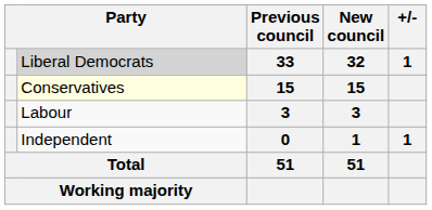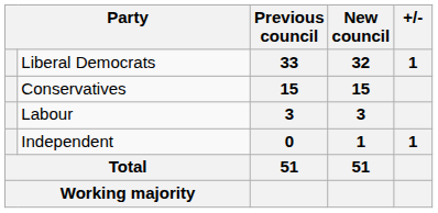 <table class="wikitable">
 <tr>
 <th valign=top colspan="2" style="width: 230px">Party</th>
 <th valign=top style="width: 30px">Previous council</th>
 <th valign=top style="width: 30px">New council</th>
 <th valign=top style="width: 30px">+/-</th>
 </tr>
 <tr>
 <th style="background-color: "></th>
-<td style="background: lightgrey;">Liberal Democrats</td>
+<td>Liberal Democrats</td>
 <th align=center>33</th>
 <th align=center>32</th>
 <th align=center>1</th>
 </tr>
 <tr>
 <th style="background-color: "></th>
-<td style="background: lightyellow;">Conservatives</td>
+<td>Conservatives</td>
 <th align=center>15</th>
 <th align=center>15</th>
 <th align=center></th>
 </tr>
 <tr>
 <th style="background-color: "></th>
 <td>Labour</td>
 <th align=center>3</th>
 <th align=center>3</th>
 <th align=center></th>
 </tr>
 <tr>
 <th style="background-color: "></th>
 <td>Independent</td>
 <th align=center>0</th>
 <th align=center>1</th>
 <th align=center>1</th>
 </tr>
 <tr>
 <th colspan=2>Total</th>
 <th style="text-align: center">51</th>
 <th style="text-align: center">51</th>
 <th></th>
 </tr>
 <tr>
 <th colspan=2>Working majority</th>
 <th></th>
 <th></th>
 <th></th>
 </tr>
 </table>
